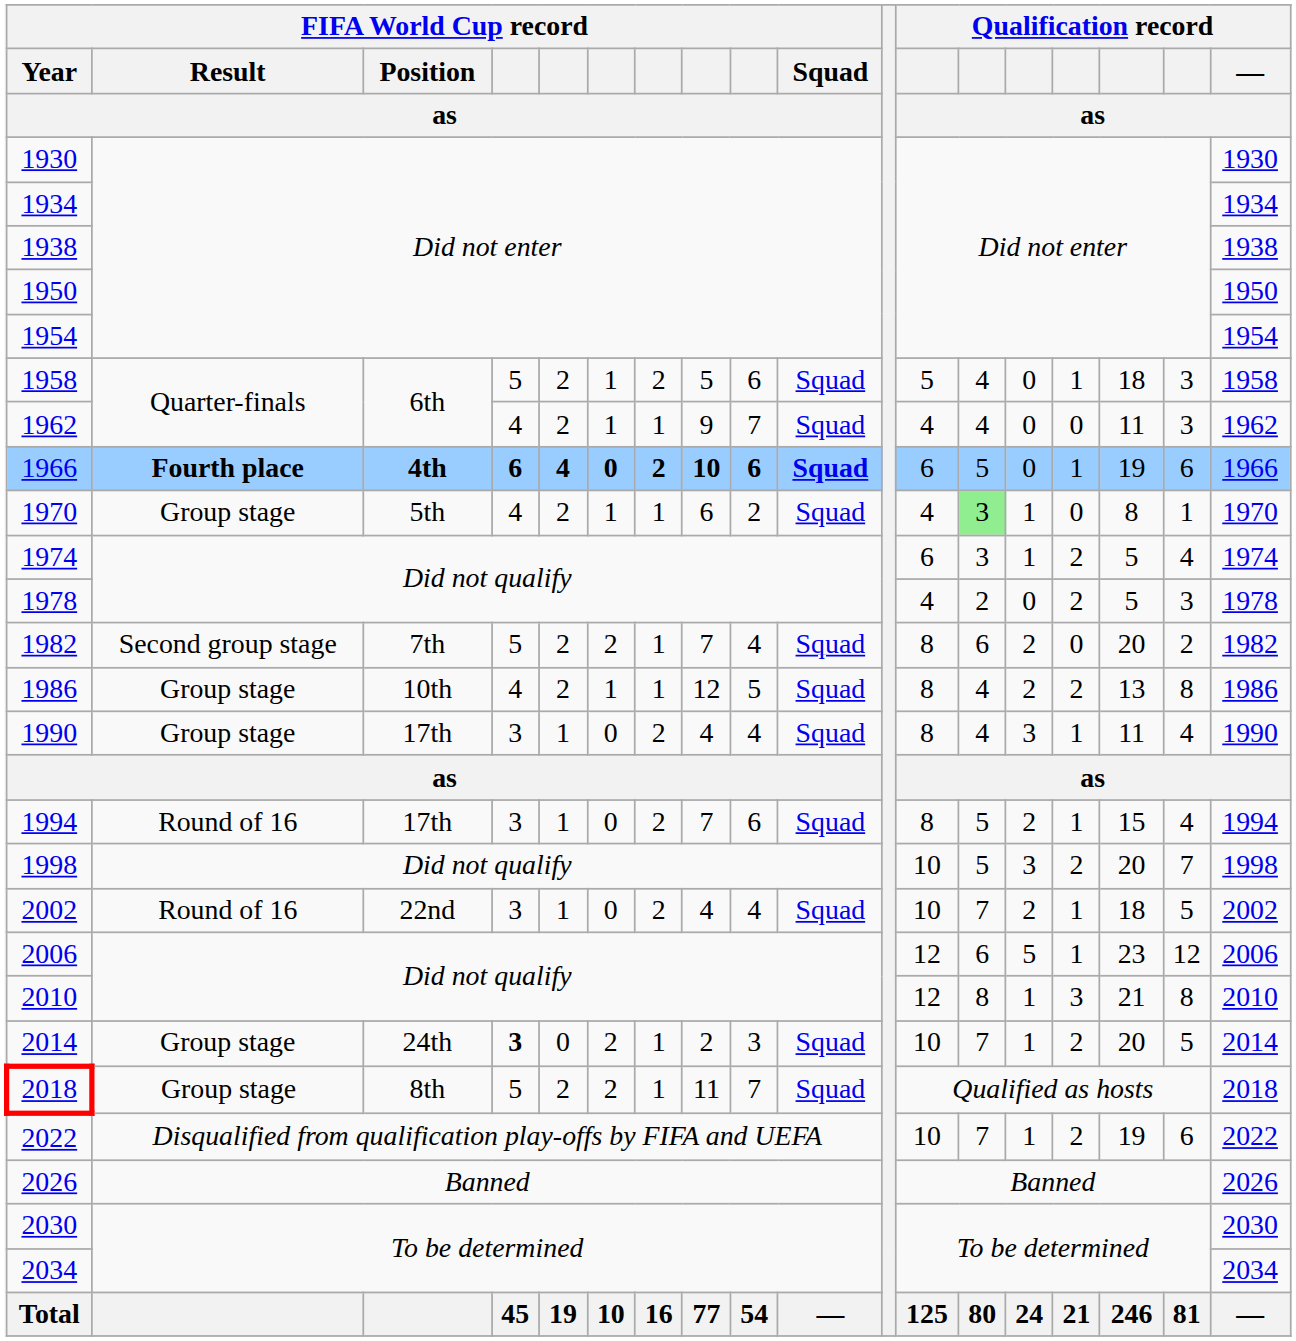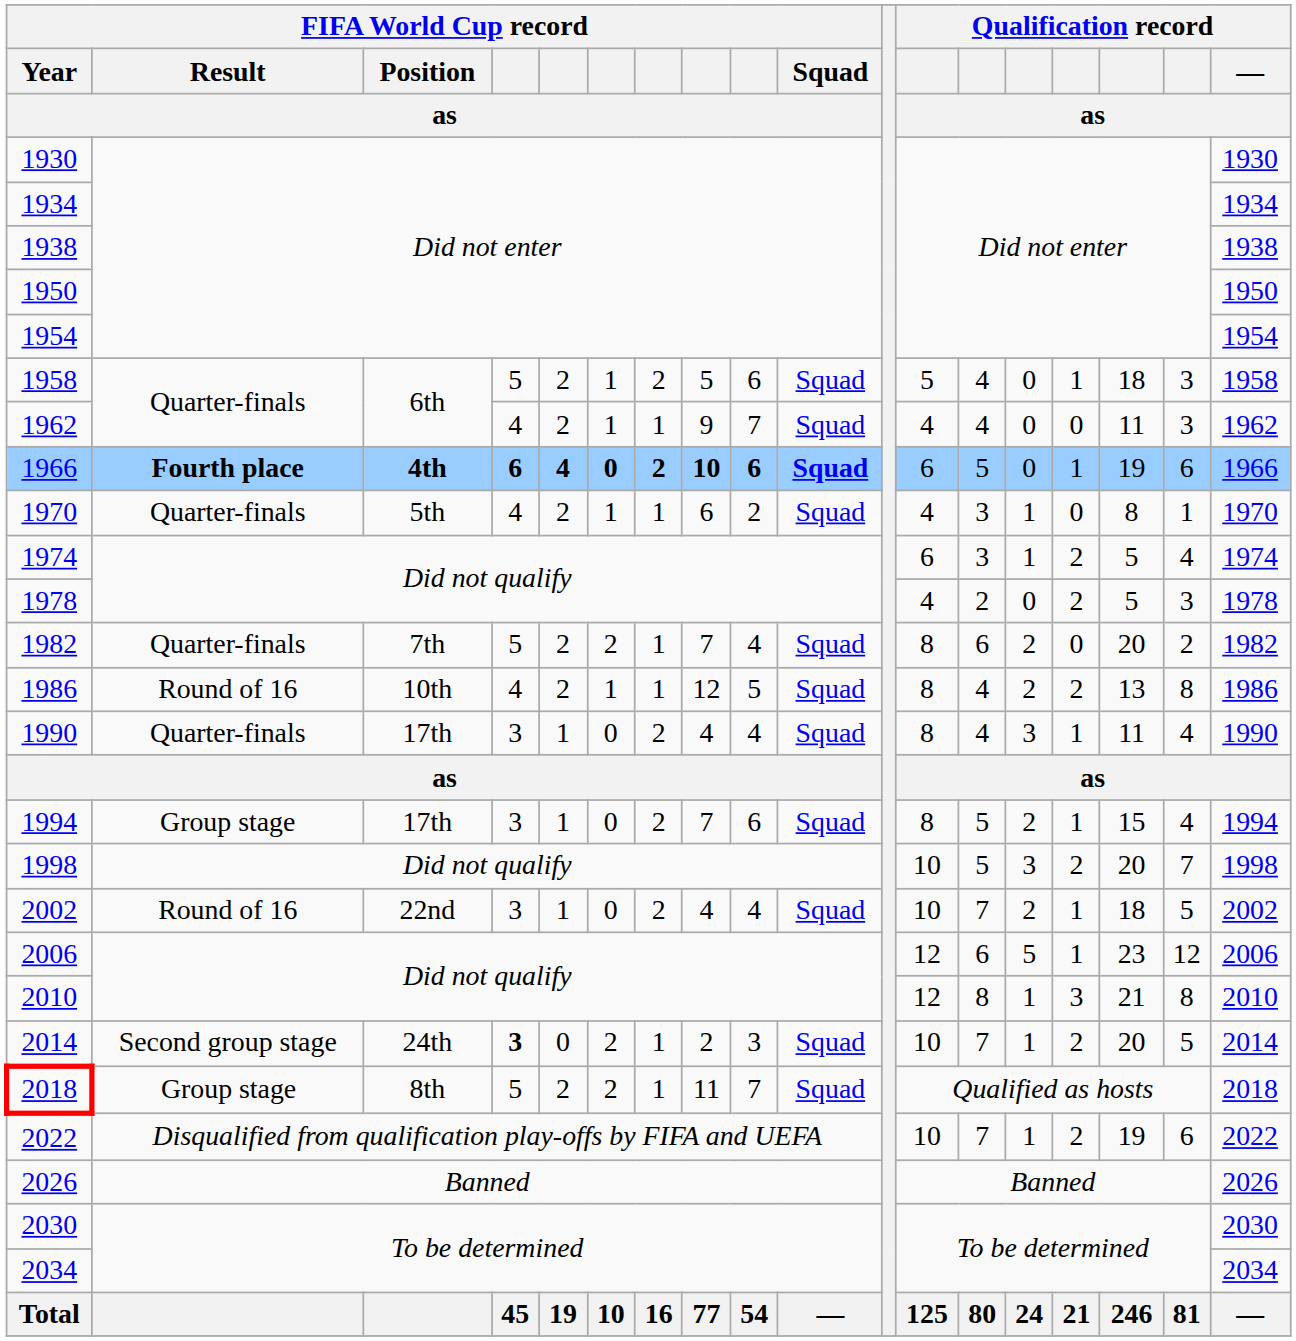 <table class="wikitable" style="text-align: center;">
 <tr>
 <th colspan=10><a href='#'>FIFA World Cup</a> record</th>
 <th width=1% rowspan=30></th>
 <th colspan=7><a href='#'>Qualification</a> record</th>
 </tr>
 <tr>
 <th>Year</th>
 <th>Result</th>
 <th>Position</th>
 <th></th>
 <th></th>
 <th></th>
 <th></th>
 <th></th>
 <th></th>
 <th>Squad</th>
 <th></th>
 <th></th>
 <th></th>
 <th></th>
 <th></th>
 <th></th>
 <th>—</th>
 </tr>
 <tr>
 <th colspan=10>as </th>
 <th colspan=8>as </th>
 </tr>
 <tr>
 <td> <a href='#'>1930</a></td>
 <td colspan=9 rowspan=5><em>Did not enter</em></td>
 <td colspan=6 rowspan=5><em>Did not enter</em></td>
 <td><a href='#'>1930</a></td>
 </tr>
 <tr>
 <td> <a href='#'>1934</a></td>
 <td><a href='#'>1934</a></td>
 </tr>
 <tr>
 <td> <a href='#'>1938</a></td>
 <td><a href='#'>1938</a></td>
 </tr>
 <tr>
 <td> <a href='#'>1950</a></td>
 <td><a href='#'>1950</a></td>
 </tr>
 <tr>
 <td> <a href='#'>1954</a></td>
 <td><a href='#'>1954</a></td>
 </tr>
 <tr>
 <td> <a href='#'>1958</a></td>
 <td rowspan=2>Quarter-finals</td>
 <td rowspan=2>6th</td>
 <td>5</td>
 <td>2</td>
 <td>1</td>
 <td>2</td>
 <td>5</td>
 <td>6</td>
 <td><a href='#'>Squad</a></td>
 <td>5</td>
 <td>4</td>
 <td>0</td>
 <td>1</td>
 <td>18</td>
 <td>3</td>
 <td><a href='#'>1958</a></td>
 </tr>
 <tr>
 <td> <a href='#'>1962</a></td>
 <td>4</td>
 <td>2</td>
 <td>1</td>
 <td>1</td>
 <td>9</td>
 <td>7</td>
 <td><a href='#'>Squad</a></td>
 <td>4</td>
 <td>4</td>
 <td>0</td>
 <td>0</td>
 <td>11</td>
 <td>3</td>
 <td><a href='#'>1962</a></td>
 </tr>
 <tr style="background:#9acdff;">
 <td> <a href='#'>1966</a></td>
 <td><strong>Fourth place</strong></td>
 <td><strong>4th</strong></td>
 <td><strong>6</strong></td>
 <td><strong>4</strong></td>
 <td><strong>0</strong></td>
 <td><strong>2</strong></td>
 <td><strong>10</strong></td>
 <td><strong>6</strong></td>
 <td><strong><a href='#'>Squad</a></strong></td>
 <td>6</td>
 <td>5</td>
 <td>0</td>
 <td>1</td>
 <td>19</td>
 <td>6</td>
 <td><a href='#'>1966</a></td>
 </tr>
 <tr>
 <td> <a href='#'>1970</a></td>
-<td>Group stage</td>
+<td>Quarter-finals</td>
 <td>5th</td>
 <td>4</td>
 <td>2</td>
 <td>1</td>
 <td>1</td>
 <td>6</td>
 <td>2</td>
 <td><a href='#'>Squad</a></td>
 <td>4</td>
-<td style="background: lightgreen;">3</td>
+<td>3</td>
 <td>1</td>
 <td>0</td>
 <td>8</td>
 <td>1</td>
 <td><a href='#'>1970</a></td>
 </tr>
 <tr>
 <td> <a href='#'>1974</a></td>
 <td colspan=9 rowspan=2><em>Did not qualify</em></td>
 <td>6</td>
 <td>3</td>
 <td>1</td>
 <td>2</td>
 <td>5</td>
 <td>4</td>
 <td><a href='#'>1974</a></td>
 </tr>
 <tr>
 <td> <a href='#'>1978</a></td>
 <td>4</td>
 <td>2</td>
 <td>0</td>
 <td>2</td>
 <td>5</td>
 <td>3</td>
 <td><a href='#'>1978</a></td>
 </tr>
 <tr>
 <td> <a href='#'>1982</a></td>
-<td>Second group stage</td>
+<td>Quarter-finals</td>
 <td>7th</td>
 <td>5</td>
 <td>2</td>
 <td>2</td>
 <td>1</td>
 <td>7</td>
 <td>4</td>
 <td><a href='#'>Squad</a></td>
 <td>8</td>
 <td>6</td>
 <td>2</td>
 <td>0</td>
 <td>20</td>
 <td>2</td>
 <td><a href='#'>1982</a></td>
 </tr>
 <tr>
 <td> <a href='#'>1986</a></td>
-<td>Group stage</td>
+<td>Round of 16</td>
 <td>10th</td>
 <td>4</td>
 <td>2</td>
 <td>1</td>
 <td>1</td>
 <td>12</td>
 <td>5</td>
 <td><a href='#'>Squad</a></td>
 <td>8</td>
 <td>4</td>
 <td>2</td>
 <td>2</td>
 <td>13</td>
 <td>8</td>
 <td><a href='#'>1986</a></td>
 </tr>
 <tr>
 <td> <a href='#'>1990</a></td>
-<td>Group stage</td>
+<td>Quarter-finals</td>
 <td>17th</td>
 <td>3</td>
 <td>1</td>
 <td>0</td>
 <td>2</td>
 <td>4</td>
 <td>4</td>
 <td><a href='#'>Squad</a></td>
 <td>8</td>
 <td>4</td>
 <td>3</td>
 <td>1</td>
 <td>11</td>
 <td>4</td>
 <td><a href='#'>1990</a></td>
 </tr>
 <tr>
 <th colspan=10>as </th>
 <th colspan=8>as </th>
 </tr>
 <tr>
 <td> <a href='#'>1994</a></td>
-<td>Round of 16</td>
+<td>Group stage</td>
 <td>17th</td>
 <td>3</td>
 <td>1</td>
 <td>0</td>
 <td>2</td>
 <td>7</td>
 <td>6</td>
 <td><a href='#'>Squad</a></td>
 <td>8</td>
 <td>5</td>
 <td>2</td>
 <td>1</td>
 <td>15</td>
 <td>4</td>
 <td><a href='#'>1994</a></td>
 </tr>
 <tr>
 <td> <a href='#'>1998</a></td>
 <td colspan=9><em>Did not qualify</em></td>
 <td>10</td>
 <td>5</td>
 <td>3</td>
 <td>2</td>
 <td>20</td>
 <td>7</td>
 <td><a href='#'>1998</a></td>
 </tr>
 <tr>
 <td>  <a href='#'>2002</a></td>
 <td>Round of 16</td>
 <td>22nd</td>
 <td>3</td>
 <td>1</td>
 <td>0</td>
 <td>2</td>
 <td>4</td>
 <td>4</td>
 <td><a href='#'>Squad</a></td>
 <td>10</td>
 <td>7</td>
 <td>2</td>
 <td>1</td>
 <td>18</td>
 <td>5</td>
 <td><a href='#'>2002</a></td>
 </tr>
 <tr>
 <td> <a href='#'>2006</a></td>
 <td colspan=9 rowspan=2><em>Did not qualify</em></td>
 <td>12</td>
 <td>6</td>
 <td>5</td>
 <td>1</td>
 <td>23</td>
 <td>12</td>
 <td><a href='#'>2006</a></td>
 </tr>
 <tr>
 <td> <a href='#'>2010</a></td>
 <td>12</td>
 <td>8</td>
 <td>1</td>
 <td>3</td>
 <td>21</td>
 <td>8</td>
 <td><a href='#'>2010</a></td>
 </tr>
 <tr>
 <td> <a href='#'>2014</a></td>
-<td>Group stage</td>
+<td>Second group stage</td>
 <td>24th</td>
 <td><strong>3</strong></td>
 <td>0</td>
 <td>2</td>
 <td>1</td>
 <td>2</td>
 <td>3</td>
 <td><a href='#'>Squad</a></td>
 <td>10</td>
 <td>7</td>
 <td>1</td>
 <td>2</td>
 <td>20</td>
 <td>5</td>
 <td><a href='#'>2014</a></td>
 </tr>
 <tr>
 <td style="border: 3px solid red"> <a href='#'>2018</a></td>
 <td>Group stage</td>
 <td>8th</td>
 <td>5</td>
 <td>2</td>
 <td>2</td>
 <td>1</td>
 <td>11</td>
 <td>7</td>
 <td><a href='#'>Squad</a></td>
 <td colspan=6><em>Qualified as hosts</em></td>
 <td><a href='#'>2018</a></td>
 </tr>
 <tr>
 <td> <a href='#'>2022</a></td>
 <td colspan=9><em>Disqualified from qualification play-offs by FIFA and UEFA</em></td>
 <td>10</td>
 <td>7</td>
 <td>1</td>
 <td>2</td>
 <td>19</td>
 <td>6</td>
 <td><a href='#'>2022</a></td>
 </tr>
 <tr>
 <td>   <a href='#'>2026</a></td>
 <td colspan=9><em>Banned</em></td>
 <td colspan=6><em>Banned</em></td>
 <td><a href='#'>2026</a></td>
 </tr>
 <tr>
 <td>   <a href='#'>2030</a></td>
 <td colspan=9 rowspan=2><em>To be determined</em></td>
 <td colspan=6 rowspan=2><em>To be determined</em></td>
 <td><a href='#'>2030</a></td>
 </tr>
 <tr>
 <td> <a href='#'>2034</a></td>
 <td><a href='#'>2034</a></td>
 </tr>
 <tr>
 <th>Total</th>
 <th></th>
 <th></th>
 <th>45</th>
 <th>19</th>
 <th>10</th>
 <th>16</th>
 <th>77</th>
 <th>54</th>
 <th>—</th>
 <th>125</th>
 <th>80</th>
 <th>24</th>
 <th>21</th>
 <th>246</th>
 <th>81</th>
 <th>—</th>
 </tr>
 </table>
